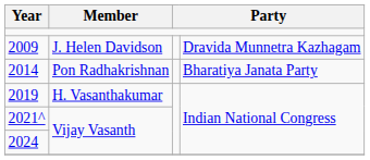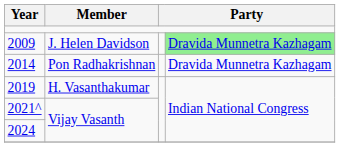 <table class="wikitable">
 <tr>
 <th>Year</th>
 <th>Member</th>
 <th colspan="2">Party</th>
 </tr>
 <tr>
 <td colspan="4"></td>
 </tr>
 <tr>
 <td><a href='#'>2009</a></td>
 <td><a href='#'>J. Helen Davidson</a></td>
 <td style="background-color: "></td>
-<td><a href='#'>Dravida Munnetra Kazhagam</a></td>
+<td style="background: lightgreen;"><a href='#'>Dravida Munnetra Kazhagam</a></td>
 </tr>
 <tr>
 <td><a href='#'>2014</a></td>
 <td><a href='#'>Pon Radhakrishnan</a></td>
 <td style="background-color: "></td>
-<td><a href='#'>Bharatiya Janata Party</a></td>
+<td><a href='#'>Dravida Munnetra Kazhagam</a></td>
 </tr>
 <tr>
 <td><a href='#'>2019</a></td>
 <td><a href='#'>H. Vasanthakumar</a></td>
 <td rowspan=3 style="background-color: "></td>
 <td rowspan=3><a href='#'>Indian National Congress</a></td>
 </tr>
 <tr>
 <td><a href='#'>2021^</a></td>
 <td rowspan=2><a href='#'>Vijay Vasanth</a></td>
 </tr>
 <tr>
 <td><a href='#'>2024</a></td>
 </tr>
 <tr>
 </tr>
 </table>
